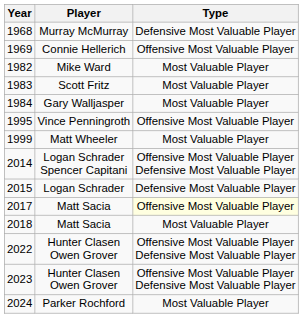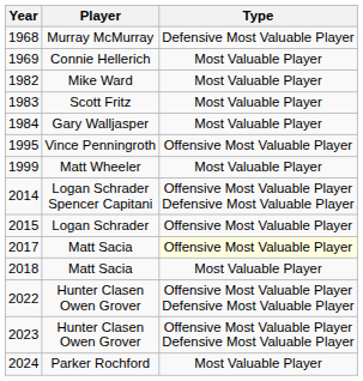 <table class="wikitable" style="text-align: center">
 <tr align=center>
 <th>Year</th>
 <th>Player</th>
 <th>Type</th>
 </tr>
 <tr>
 <td>1968</td>
 <td>Murray McMurray</td>
 <td>Defensive Most Valuable Player</td>
 </tr>
 <tr>
 <td>1969</td>
 <td>Connie Hellerich</td>
-<td>Offensive Most Valuable Player</td>
+<td>Most Valuable Player</td>
 </tr>
 <tr>
 <td>1982</td>
 <td>Mike Ward</td>
 <td>Most Valuable Player</td>
 </tr>
 <tr>
 <td>1983</td>
 <td>Scott Fritz</td>
 <td>Most Valuable Player</td>
 </tr>
 <tr>
 <td>1984</td>
 <td>Gary Walljasper</td>
 <td>Most Valuable Player</td>
 </tr>
 <tr>
 <td>1995</td>
 <td>Vince Penningroth</td>
 <td>Offensive Most Valuable Player</td>
 </tr>
 <tr>
 <td>1999</td>
 <td>Matt Wheeler</td>
 <td>Most Valuable Player</td>
 </tr>
 <tr>
 <td>2014</td>
 <td>Logan Schrader<br>Spencer Capitani</td>
 <td>Offensive Most Valuable Player<br>Defensive Most Valuable Player</td>
 </tr>
 <tr>
 <td>2015</td>
 <td>Logan Schrader</td>
-<td>Defensive Most Valuable Player</td>
+<td>Offensive Most Valuable Player</td>
 </tr>
 <tr>
 <td>2017</td>
 <td>Matt Sacia</td>
 <td style="background: lightyellow;">Offensive Most Valuable Player</td>
 </tr>
 <tr>
 <td>2018</td>
 <td>Matt Sacia</td>
 <td>Most Valuable Player</td>
 </tr>
 <tr>
 <td>2022</td>
 <td>Hunter Clasen<br>Owen Grover</td>
 <td>Offensive Most Valuable Player<br>Defensive Most Valuable Player</td>
 </tr>
 <tr>
 <td>2023</td>
 <td>Hunter Clasen<br>Owen Grover</td>
 <td>Offensive Most Valuable Player<br>Defensive Most Valuable Player</td>
 </tr>
 <tr>
 <td>2024</td>
 <td>Parker Rochford</td>
 <td>Most Valuable Player</td>
 </tr>
 </table>
